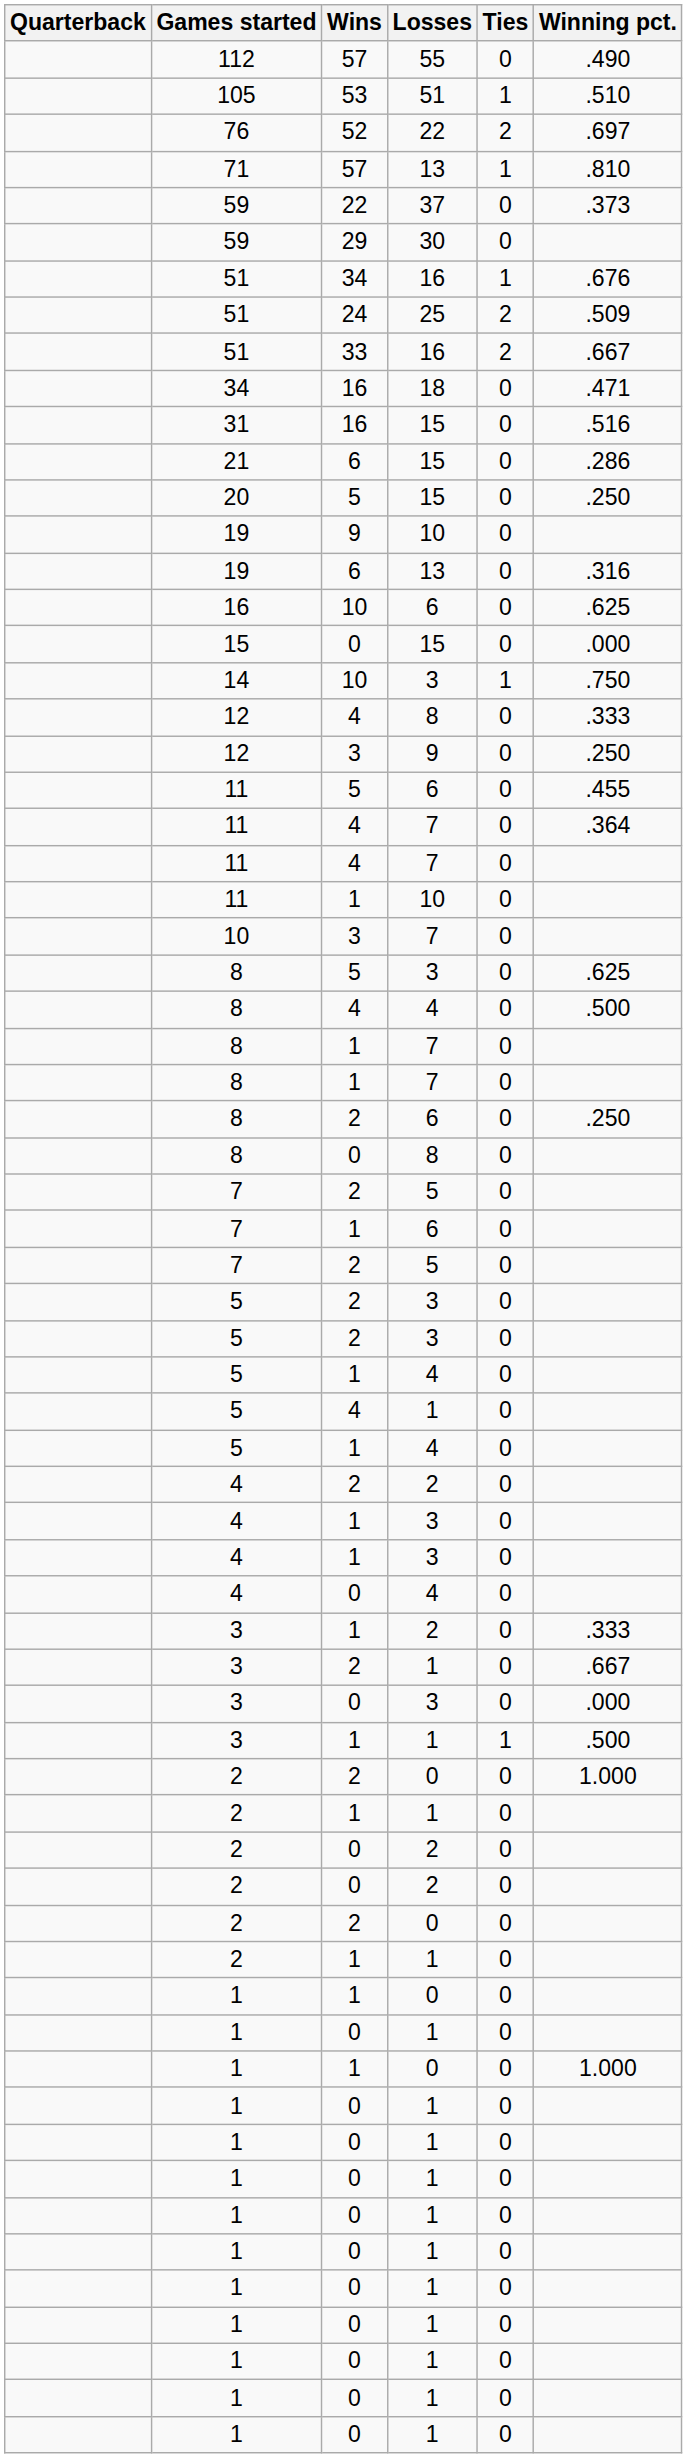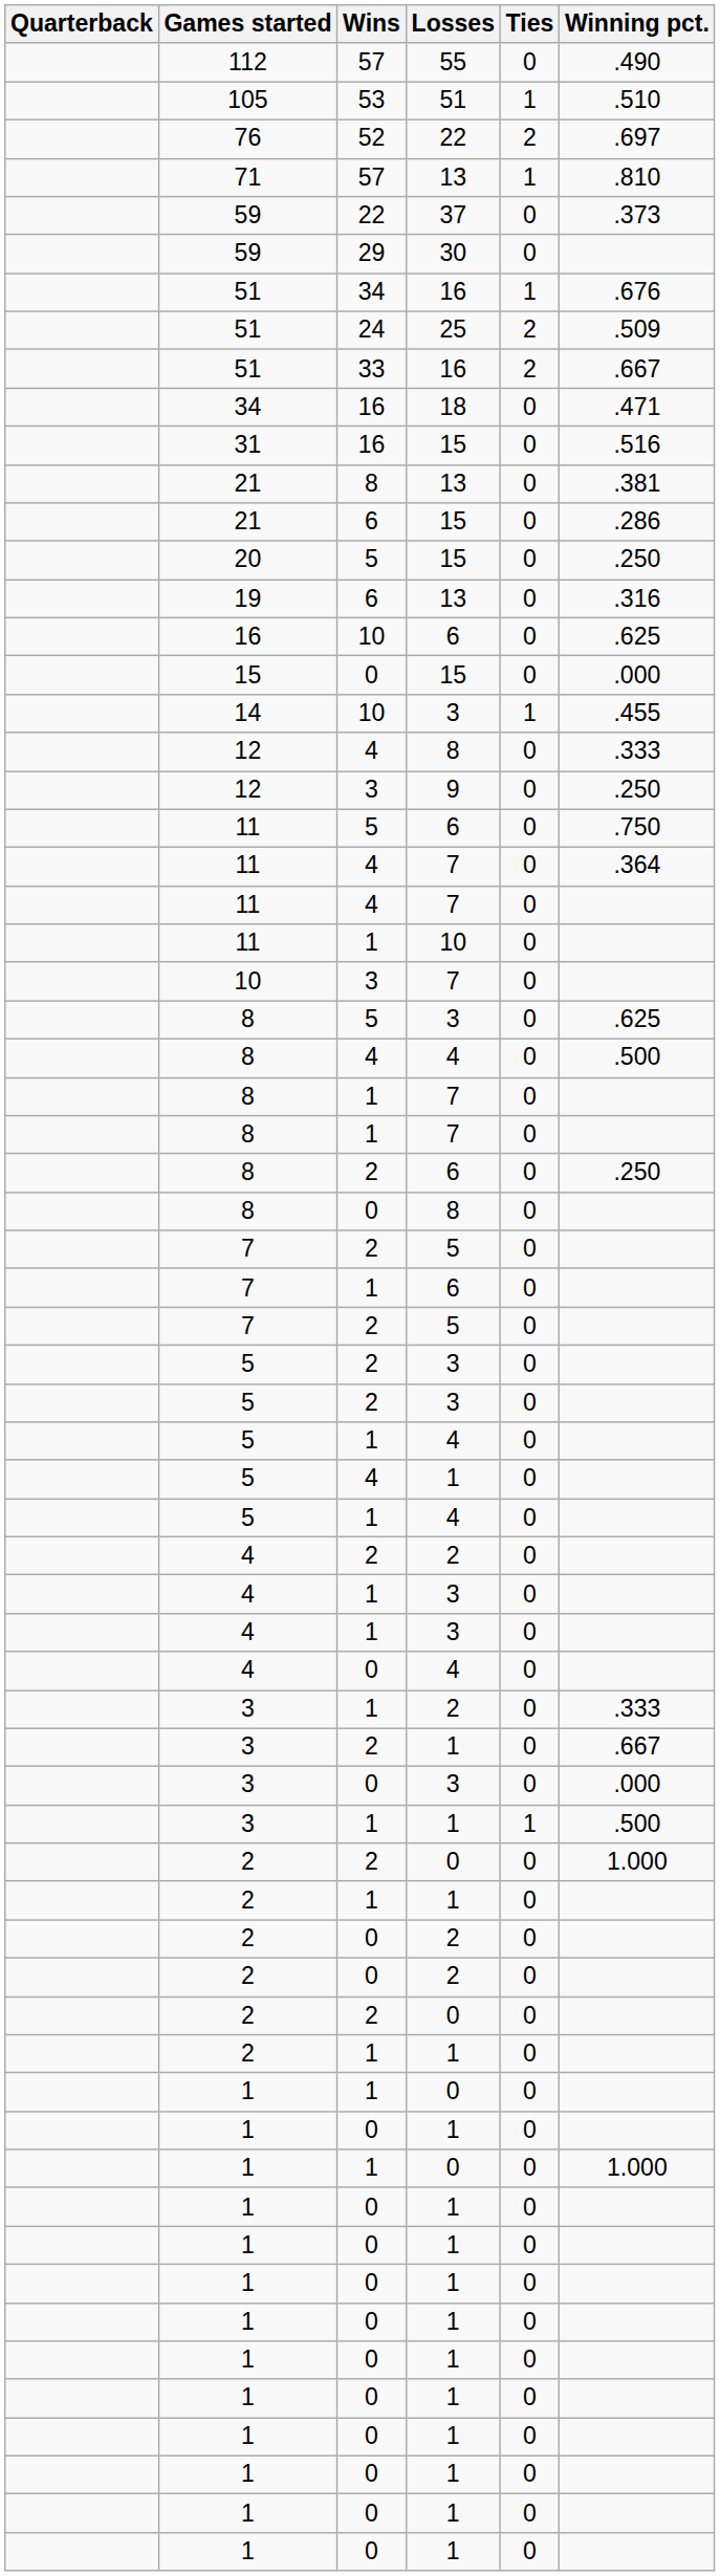 <table class="wikitable sortable" style="text-align:center">
 <tr>
 <th>Quarterback</th>
 <th>Games started</th>
 <th>Wins</th>
 <th>Losses</th>
 <th>Ties</th>
 <th>Winning pct.</th>
 </tr>
 <tr>
 <td></td>
 <td>112</td>
 <td>57</td>
 <td>55</td>
 <td>0</td>
 <td>.490</td>
 </tr>
 <tr>
 <td></td>
 <td>105</td>
 <td>53</td>
 <td>51</td>
 <td>1</td>
 <td>.510</td>
 </tr>
 <tr>
 <td></td>
 <td>76</td>
 <td>52</td>
 <td>22</td>
 <td>2</td>
 <td>.697</td>
 </tr>
 <tr>
 <td><em></em></td>
 <td>71</td>
 <td>57</td>
 <td>13</td>
 <td>1</td>
 <td>.810</td>
 </tr>
 <tr>
 <td></td>
 <td>59</td>
 <td>22</td>
 <td>37</td>
 <td>0</td>
 <td>.373</td>
 </tr>
 <tr>
 <td></td>
 <td>59</td>
 <td>29</td>
 <td>30</td>
 <td>0</td>
 <td></td>
 </tr>
 <tr>
 <td></td>
 <td>51</td>
 <td>34</td>
 <td>16</td>
 <td>1</td>
 <td>.676</td>
 </tr>
 <tr>
 <td></td>
 <td>51</td>
 <td>24</td>
 <td>25</td>
 <td>2</td>
 <td>.509</td>
 </tr>
 <tr>
 <td></td>
 <td>51</td>
 <td>33</td>
 <td>16</td>
 <td>2</td>
 <td>.667</td>
 </tr>
 <tr>
 <td></td>
 <td>34</td>
 <td>16</td>
 <td>18</td>
 <td>0</td>
 <td>.471</td>
 </tr>
 <tr>
 <td></td>
 <td>31</td>
 <td>16</td>
 <td>15</td>
 <td>0</td>
 <td>.516</td>
 </tr>
 <tr>
 <td></td>
 <td>21</td>
+<td>8</td>
+<td>13</td>
+<td>0</td>
+<td>.381</td>
+</tr>
+<tr>
+<td></td>
+<td>21</td>
 <td>6</td>
 <td>15</td>
 <td>0</td>
 <td>.286</td>
 </tr>
 <tr>
 <td></td>
 <td>20</td>
 <td>5</td>
 <td>15</td>
 <td>0</td>
 <td>.250</td>
-</tr>
-<tr>
-<td></td>
-<td>19</td>
-<td>9</td>
-<td>10</td>
-<td>0</td>
-<td></td>
 </tr>
 <tr>
 <td></td>
 <td>19</td>
 <td>6</td>
 <td>13</td>
 <td>0</td>
 <td>.316</td>
 </tr>
 <tr>
 <td></td>
 <td>16</td>
 <td>10</td>
 <td>6</td>
 <td>0</td>
 <td>.625</td>
 </tr>
 <tr>
 <td></td>
 <td>15</td>
 <td>0</td>
 <td>15</td>
 <td>0</td>
 <td>.000</td>
 </tr>
 <tr>
 <td></td>
 <td>14</td>
 <td>10</td>
 <td>3</td>
 <td>1</td>
-<td>.750</td>
+<td>.455</td>
 </tr>
 <tr>
 <td></td>
 <td>12</td>
 <td>4</td>
 <td>8</td>
 <td>0</td>
 <td>.333</td>
 </tr>
 <tr>
 <td></td>
 <td>12</td>
 <td>3</td>
 <td>9</td>
 <td>0</td>
 <td>.250</td>
 </tr>
 <tr>
 <td></td>
 <td>11</td>
 <td>5</td>
 <td>6</td>
 <td>0</td>
-<td>.455</td>
+<td>.750</td>
 </tr>
 <tr>
 <td></td>
 <td>11</td>
 <td>4</td>
 <td>7</td>
 <td>0</td>
 <td>.364</td>
 </tr>
 <tr>
 <td></td>
 <td>11</td>
 <td>4</td>
 <td>7</td>
 <td>0</td>
 <td></td>
 </tr>
 <tr>
 <td></td>
 <td>11</td>
 <td>1</td>
 <td>10</td>
 <td>0</td>
 <td></td>
 </tr>
 <tr>
 <td></td>
 <td>10</td>
 <td>3</td>
 <td>7</td>
 <td>0</td>
 <td></td>
 </tr>
 <tr>
 <td></td>
 <td>8</td>
 <td>5</td>
 <td>3</td>
 <td>0</td>
 <td>.625</td>
 </tr>
 <tr>
 <td></td>
 <td>8</td>
 <td>4</td>
 <td>4</td>
 <td>0</td>
 <td>.500</td>
 </tr>
 <tr>
 <td></td>
 <td>8</td>
 <td>1</td>
 <td>7</td>
 <td>0</td>
 <td></td>
 </tr>
 <tr>
 <td></td>
 <td>8</td>
 <td>1</td>
 <td>7</td>
 <td>0</td>
 <td></td>
 </tr>
 <tr>
 <td></td>
 <td>8</td>
 <td>2</td>
 <td>6</td>
 <td>0</td>
 <td>.250</td>
 </tr>
 <tr>
 <td></td>
 <td>8</td>
 <td>0</td>
 <td>8</td>
 <td>0</td>
 <td></td>
 </tr>
 <tr>
 <td></td>
 <td>7</td>
 <td>2</td>
 <td>5</td>
 <td>0</td>
 <td></td>
 </tr>
 <tr>
 <td></td>
 <td>7</td>
 <td>1</td>
 <td>6</td>
 <td>0</td>
 <td></td>
 </tr>
 <tr>
 <td></td>
 <td>7</td>
 <td>2</td>
 <td>5</td>
 <td>0</td>
 <td></td>
 </tr>
 <tr>
 <td></td>
 <td>5</td>
 <td>2</td>
 <td>3</td>
 <td>0</td>
 <td></td>
 </tr>
 <tr>
 <td></td>
 <td>5</td>
 <td>2</td>
 <td>3</td>
 <td>0</td>
 <td></td>
 </tr>
 <tr>
 <td></td>
 <td>5</td>
 <td>1</td>
 <td>4</td>
 <td>0</td>
 <td></td>
 </tr>
 <tr>
 <td></td>
 <td>5</td>
 <td>4</td>
 <td>1</td>
 <td>0</td>
 <td></td>
 </tr>
 <tr>
 <td></td>
 <td>5</td>
 <td>1</td>
 <td>4</td>
 <td>0</td>
 <td></td>
 </tr>
 <tr>
 <td></td>
 <td>4</td>
 <td>2</td>
 <td>2</td>
 <td>0</td>
 <td></td>
 </tr>
 <tr>
 <td></td>
 <td>4</td>
 <td>1</td>
 <td>3</td>
 <td>0</td>
 <td></td>
 </tr>
 <tr>
 <td></td>
 <td>4</td>
 <td>1</td>
 <td>3</td>
 <td>0</td>
 <td></td>
 </tr>
 <tr>
 <td></td>
 <td>4</td>
 <td>0</td>
 <td>4</td>
 <td>0</td>
 <td></td>
 </tr>
 <tr>
 <td></td>
 <td>3</td>
 <td>1</td>
 <td>2</td>
 <td>0</td>
 <td>.333</td>
 </tr>
 <tr>
 <td></td>
 <td>3</td>
 <td>2</td>
 <td>1</td>
 <td>0</td>
 <td>.667</td>
 </tr>
 <tr>
 <td></td>
 <td>3</td>
 <td>0</td>
 <td>3</td>
 <td>0</td>
 <td>.000</td>
 </tr>
 <tr>
 <td></td>
 <td>3</td>
 <td>1</td>
 <td>1</td>
 <td>1</td>
 <td>.500</td>
 </tr>
 <tr>
 <td></td>
 <td>2</td>
 <td>2</td>
 <td>0</td>
 <td>0</td>
 <td>1.000</td>
 </tr>
 <tr>
 <td></td>
 <td>2</td>
 <td>1</td>
 <td>1</td>
 <td>0</td>
 <td></td>
 </tr>
 <tr>
 <td></td>
 <td>2</td>
 <td>0</td>
 <td>2</td>
 <td>0</td>
 <td></td>
 </tr>
 <tr>
 <td></td>
 <td>2</td>
 <td>0</td>
 <td>2</td>
 <td>0</td>
 <td></td>
 </tr>
 <tr>
 <td></td>
 <td>2</td>
 <td>2</td>
 <td>0</td>
 <td>0</td>
 <td></td>
 </tr>
 <tr>
 <td></td>
 <td>2</td>
 <td>1</td>
 <td>1</td>
 <td>0</td>
 <td></td>
 </tr>
 <tr>
 <td></td>
 <td>1</td>
 <td>1</td>
 <td>0</td>
 <td>0</td>
 <td></td>
 </tr>
 <tr>
 <td></td>
 <td>1</td>
 <td>0</td>
 <td>1</td>
 <td>0</td>
 <td></td>
 </tr>
 <tr>
 <td><em></em></td>
 <td>1</td>
 <td>1</td>
 <td>0</td>
 <td>0</td>
 <td>1.000</td>
 </tr>
 <tr>
 <td></td>
 <td>1</td>
 <td>0</td>
 <td>1</td>
 <td>0</td>
 <td></td>
 </tr>
 <tr>
 <td></td>
 <td>1</td>
 <td>0</td>
 <td>1</td>
 <td>0</td>
 <td></td>
 </tr>
 <tr>
 <td></td>
 <td>1</td>
 <td>0</td>
 <td>1</td>
 <td>0</td>
 <td></td>
 </tr>
 <tr>
 <td></td>
 <td>1</td>
 <td>0</td>
 <td>1</td>
 <td>0</td>
 <td></td>
 </tr>
 <tr>
 <td></td>
 <td>1</td>
 <td>0</td>
 <td>1</td>
 <td>0</td>
 <td></td>
 </tr>
 <tr>
 <td></td>
 <td>1</td>
 <td>0</td>
 <td>1</td>
 <td>0</td>
 <td></td>
 </tr>
 <tr>
 <td></td>
 <td>1</td>
 <td>0</td>
 <td>1</td>
 <td>0</td>
 <td></td>
 </tr>
 <tr>
 <td></td>
 <td>1</td>
 <td>0</td>
 <td>1</td>
 <td>0</td>
 <td></td>
 </tr>
 <tr>
 <td></td>
 <td>1</td>
 <td>0</td>
 <td>1</td>
 <td>0</td>
 <td></td>
 </tr>
 <tr>
 <td><strong></strong></td>
 <td>1</td>
 <td>0</td>
 <td>1</td>
 <td>0</td>
 <td></td>
 </tr>
 </table>
